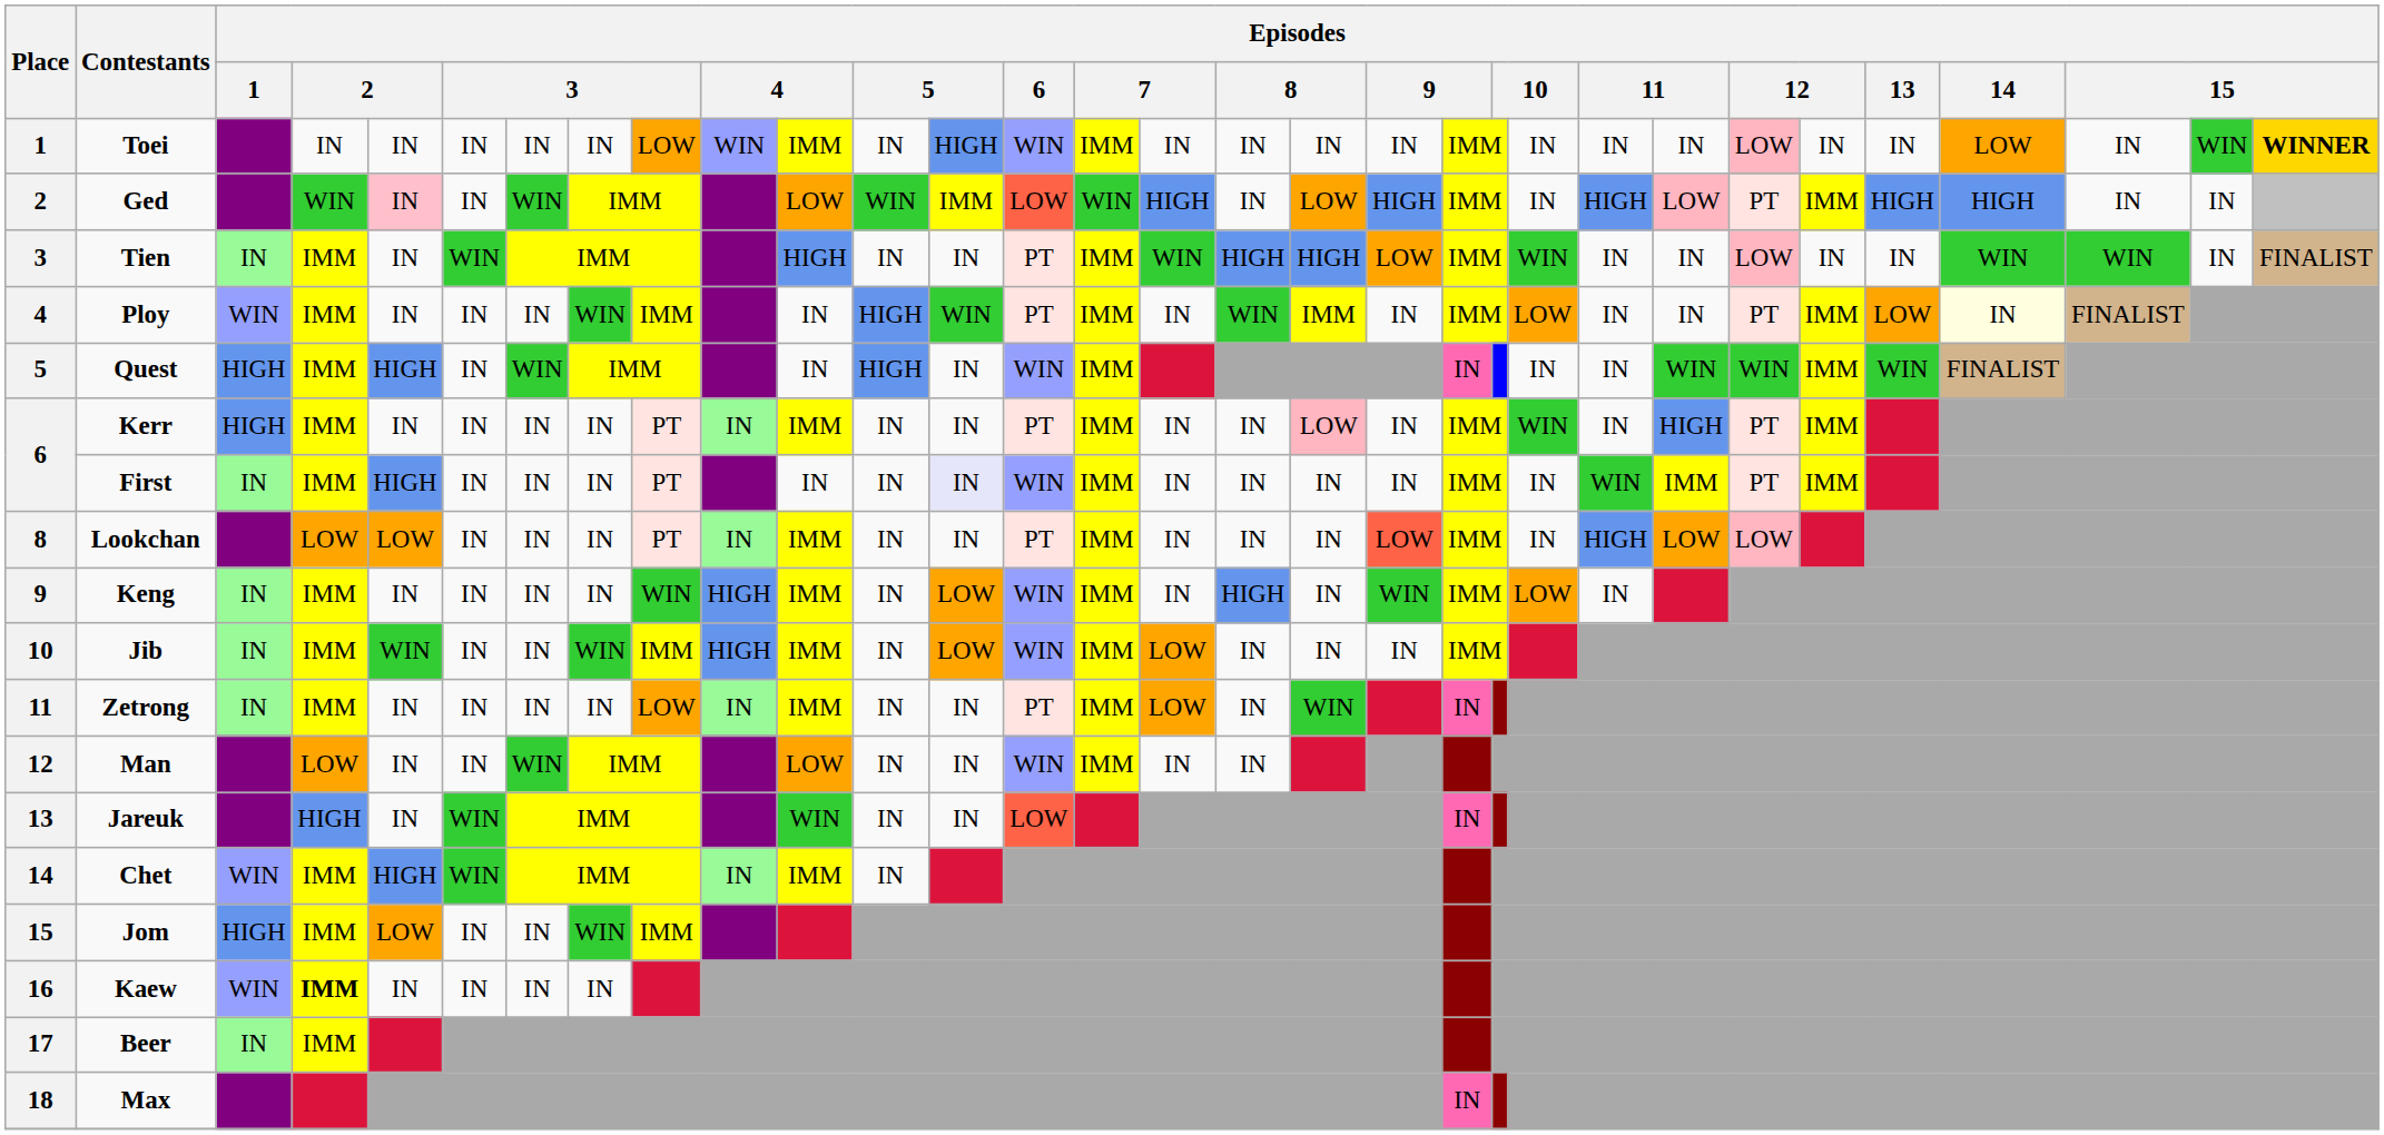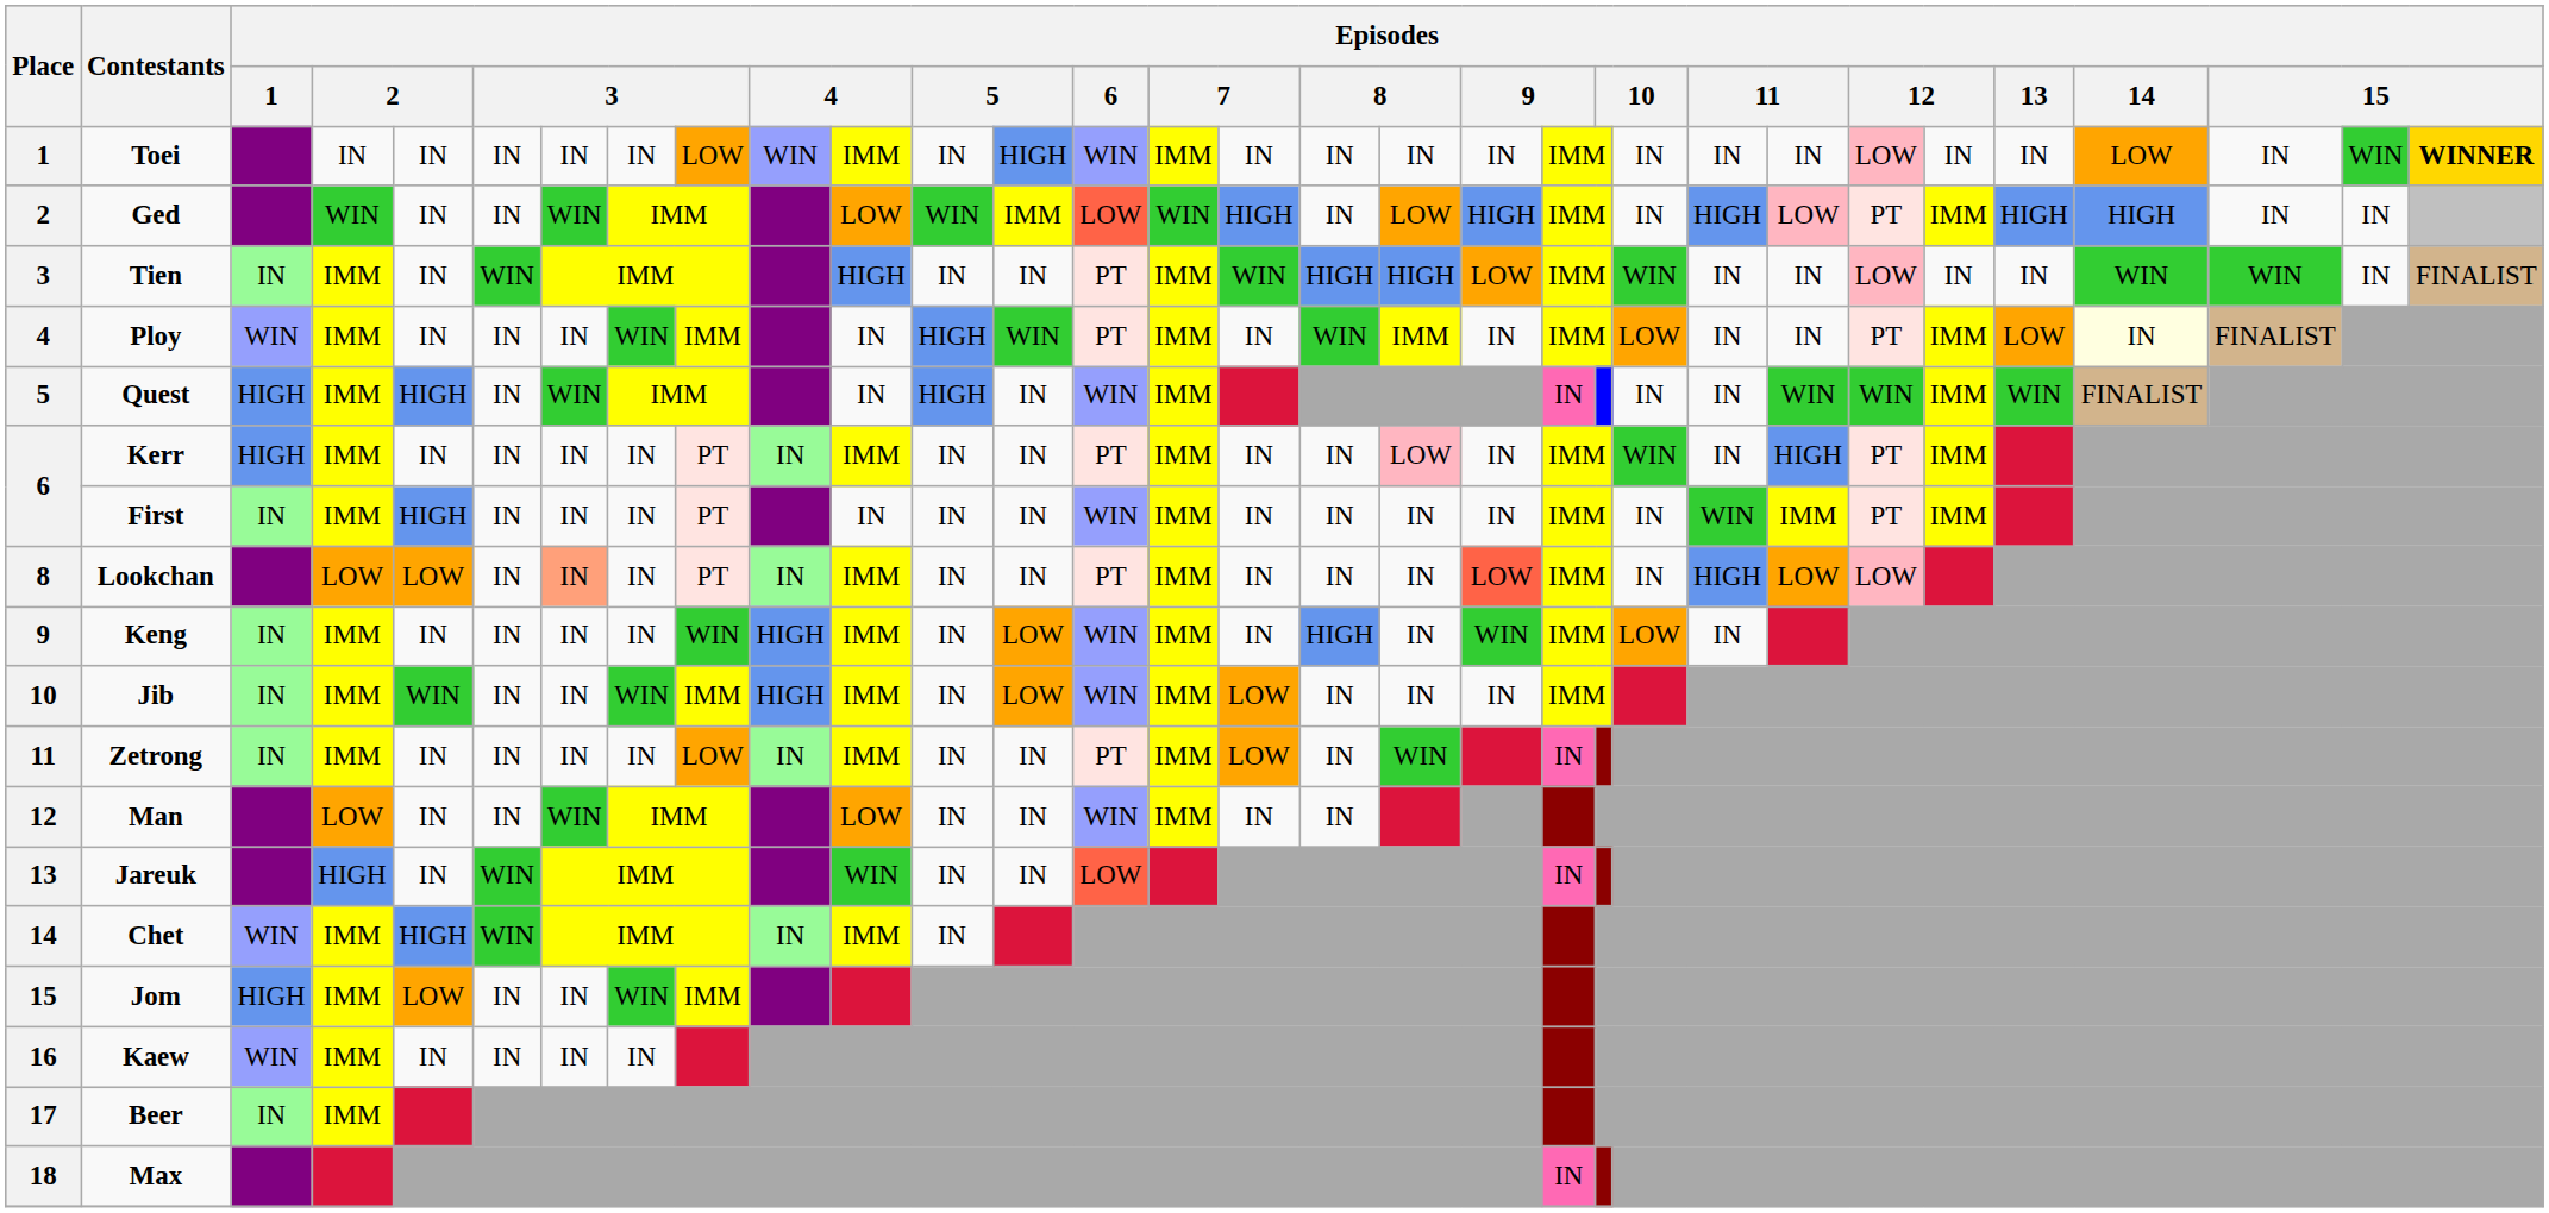 <table class="wikitable" style="text-align: center; font-size:90%; line-height:25px;">
 <tr style=font-weight:bold;>
 <th rowspan=2><strong>Place</strong></th>
 <th rowspan=2><strong>Contestants</strong></th>
 <th colspan="39"><strong>Episodes</strong></th>
 </tr>
 <tr style=font-weight:bold;>
 <th colspan="1">1</th>
 <th colspan="2">2</th>
 <th colspan="4">3</th>
 <th colspan="2">4</th>
 <th colspan="2">5</th>
 <th colspan="1">6</th>
 <th colspan="2">7</th>
 <th colspan="2">8</th>
 <th colspan="2">9</th>
 <th colspan="2">10</th>
 <th colspan="2">11</th>
 <th colspan="2">12</th>
 <th colspan="1">13</th>
 <th colspan="1">14</th>
 <th colspan="3">15</th>
 </tr>
 <tr>
 <th>1</th>
 <td><strong>Toei</strong></td>
 <td style="background:purple;"></td>
 <td>IN</td>
 <td>IN</td>
 <td>IN</td>
 <td>IN</td>
 <td>IN</td>
 <td style="background:orange;">LOW</td>
 <td style="background:#959FFD;">WIN</td>
 <td style="background:yellow;">IMM</td>
 <td>IN</td>
 <td style="background:cornflowerblue;">HIGH</td>
 <td style="background:#959FFD;">WIN</td>
 <td style="background:yellow;">IMM</td>
 <td>IN</td>
 <td>IN</td>
 <td>IN</td>
 <td>IN</td>
 <td colspan="2" style="background:yellow;">IMM</td>
 <td>IN</td>
 <td>IN</td>
 <td>IN</td>
 <td style="background:lightpink;">LOW</td>
 <td>IN</td>
 <td>IN</td>
 <td style="background:orange;">LOW</td>
 <td>IN</td>
 <td style="background:limegreen">WIN</td>
 <td style="background:gold;"><strong>WINNER</strong></td>
 </tr>
 <tr>
 <th>2</th>
 <td><strong>Ged</strong></td>
 <td style="background:purple;"></td>
 <td style="background:limegreen">WIN</td>
-<td style="background: pink;">IN</td>
+<td>IN</td>
 <td>IN</td>
 <td style="background:limegreen">WIN</td>
 <td colspan="2" style="background:yellow;">IMM</td>
 <td style="background:purple;"></td>
 <td style="background:orange;">LOW</td>
 <td style="background:limegreen">WIN</td>
 <td style="background:yellow;">IMM</td>
 <td style="background:tomato;">LOW</td>
 <td style="background:limegreen">WIN</td>
 <td style="background:cornflowerblue;">HIGH</td>
 <td>IN</td>
 <td style="background:orange;">LOW</td>
 <td style="background:cornflowerblue;">HIGH</td>
 <td colspan="2" style="background:yellow;">IMM</td>
 <td>IN</td>
 <td style="background:cornflowerblue;">HIGH</td>
 <td style="background:lightpink;">LOW</td>
 <td style="background:mistyrose;">PT</td>
 <td style="background:yellow;">IMM</td>
 <td style="background:cornflowerblue;">HIGH</td>
 <td style="background:cornflowerblue;">HIGH</td>
 <td>IN</td>
 <td>IN</td>
 <td style="background:silver;"></td>
 </tr>
 <tr>
 <th>3</th>
 <td><strong>Tien</strong></td>
 <td style="background:palegreen;">IN</td>
 <td style="background:yellow;">IMM</td>
 <td>IN</td>
 <td style="background:limegreen">WIN</td>
 <td colspan="3" style="background:yellow;">IMM</td>
 <td style="background:purple;"></td>
 <td style="background:cornflowerblue;">HIGH</td>
 <td>IN</td>
 <td>IN</td>
 <td style="background:mistyrose;">PT</td>
 <td style="background:yellow;">IMM</td>
 <td style="background:limegreen">WIN</td>
 <td style="background:cornflowerblue;">HIGH</td>
 <td style="background:cornflowerblue;">HIGH</td>
 <td style="background:orange;">LOW</td>
 <td colspan="2" style="background:yellow;">IMM</td>
 <td style="background:limegreen">WIN</td>
 <td>IN</td>
 <td>IN</td>
 <td style="background:lightpink;">LOW</td>
 <td>IN</td>
 <td>IN</td>
 <td style="background:limegreen">WIN</td>
 <td style="background:limegreen">WIN</td>
 <td>IN</td>
 <td style="background:tan;">FINALIST</td>
 </tr>
 <tr>
 <th>4</th>
 <td><strong>Ploy</strong></td>
 <td style="background:#959FFD;">WIN</td>
 <td style="background:yellow;">IMM</td>
 <td>IN</td>
 <td>IN</td>
 <td>IN</td>
 <td style="background:limegreen">WIN</td>
 <td style="background:yellow;">IMM</td>
 <td style="background:purple;"></td>
 <td>IN</td>
 <td style="background:cornflowerblue;">HIGH</td>
 <td style="background:limegreen">WIN</td>
 <td style="background:mistyrose;">PT</td>
 <td style="background:yellow;">IMM</td>
 <td>IN</td>
 <td style="background:limegreen">WIN</td>
 <td style="background:yellow;">IMM</td>
 <td>IN</td>
 <td colspan="2" style="background:yellow;">IMM</td>
 <td style="background:orange;">LOW</td>
 <td>IN</td>
 <td>IN</td>
 <td style="background:mistyrose;">PT</td>
 <td style="background:yellow;">IMM</td>
 <td style="background:orange;">LOW</td>
 <td style="background: lightyellow;">IN</td>
 <td style="background:tan;">FINALIST</td>
 <td colspan="2" style="background:darkgrey;"></td>
 </tr>
 <tr>
 <th>5</th>
 <td><strong>Quest</strong></td>
 <td style="background:cornflowerblue;">HIGH</td>
 <td style="background:yellow;">IMM</td>
 <td style="background:cornflowerblue;">HIGH</td>
 <td>IN</td>
 <td style="background:limegreen">WIN</td>
 <td colspan="2" style="background:yellow;">IMM</td>
 <td style="background:purple;"></td>
 <td>IN</td>
 <td style="background:cornflowerblue;">HIGH</td>
 <td>IN</td>
 <td style="background:#959FFD;">WIN</td>
 <td style="background:yellow;">IMM</td>
 <td style="background:crimson;"></td>
 <td colspan="3" style="background:darkgrey;"></td>
 <td style="background:hotpink;">IN</td>
 <td style="background:blue"></td>
 <td>IN</td>
 <td>IN</td>
 <td style="background:limegreen">WIN</td>
 <td style="background:limegreen">WIN</td>
 <td style="background:yellow;">IMM</td>
 <td style="background:limegreen">WIN</td>
 <td style="background:tan;">FINALIST</td>
 <td colspan="3" style="background:darkgrey;"></td>
 </tr>
 <tr>
 <th rowspan="2">6</th>
 <td><strong>Kerr</strong></td>
 <td style="background:cornflowerblue;">HIGH</td>
 <td style="background:yellow;">IMM</td>
 <td>IN</td>
 <td>IN</td>
 <td>IN</td>
 <td>IN</td>
 <td style="background:mistyrose;">PT</td>
 <td style="background:palegreen;">IN</td>
 <td style="background:yellow;">IMM</td>
 <td>IN</td>
 <td>IN</td>
 <td style="background:mistyrose;">PT</td>
 <td style="background:yellow;">IMM</td>
 <td>IN</td>
 <td>IN</td>
 <td style="background:lightpink;">LOW</td>
 <td>IN</td>
 <td colspan="2" style="background:yellow;">IMM</td>
 <td style="background:limegreen">WIN</td>
 <td>IN</td>
 <td style="background:cornflowerblue;">HIGH</td>
 <td style="background:mistyrose;">PT</td>
 <td style="background:yellow;">IMM</td>
 <td style="background:crimson;"></td>
 <td colspan="4" style="background:darkgrey;"></td>
 </tr>
 <tr>
 <td><strong>First</strong></td>
 <td style="background:palegreen;">IN</td>
 <td style="background:yellow;">IMM</td>
 <td style="background:cornflowerblue;">HIGH</td>
 <td>IN</td>
 <td>IN</td>
 <td>IN</td>
 <td style="background:mistyrose;">PT</td>
 <td style="background:purple;"></td>
 <td>IN</td>
 <td>IN</td>
-<td style="background: lavender;">IN</td>
+<td>IN</td>
 <td style="background:#959FFD;">WIN</td>
 <td style="background:yellow;">IMM</td>
 <td>IN</td>
 <td>IN</td>
 <td>IN</td>
 <td>IN</td>
 <td colspan="2" style="background:yellow;">IMM</td>
 <td>IN</td>
 <td style="background:limegreen">WIN</td>
 <td style="background:yellow;">IMM</td>
 <td style="background:mistyrose;">PT</td>
 <td style="background:yellow;">IMM</td>
 <td style="background:crimson;"></td>
 <td colspan="4" style="background:darkgrey;"></td>
 </tr>
 <tr>
 <th>8</th>
 <td><strong>Lookchan</strong></td>
 <td style="background:purple;"></td>
 <td style="background:orange;">LOW</td>
 <td style="background:orange;">LOW</td>
 <td>IN</td>
-<td>IN</td>
+<td style="background: lightsalmon;">IN</td>
 <td>IN</td>
 <td style="background:mistyrose;">PT</td>
 <td style="background:palegreen;">IN</td>
 <td style="background:yellow;">IMM</td>
 <td>IN</td>
 <td>IN</td>
 <td style="background:mistyrose;">PT</td>
 <td style="background:yellow;">IMM</td>
 <td>IN</td>
 <td>IN</td>
 <td>IN</td>
 <td style="background:tomato;">LOW</td>
 <td colspan="2" style="background:yellow;">IMM</td>
 <td>IN</td>
 <td style="background:cornflowerblue;">HIGH</td>
 <td style="background:orange;">LOW</td>
 <td style="background:lightpink;">LOW</td>
 <td style="background:crimson;"></td>
 <td colspan="5" style="background:darkgrey;"></td>
 </tr>
 <tr>
 <th>9</th>
 <td><strong>Keng</strong></td>
 <td style="background:palegreen;">IN</td>
 <td style="background:yellow;">IMM</td>
 <td>IN</td>
 <td>IN</td>
 <td>IN</td>
 <td>IN</td>
 <td style="background:limegreen">WIN</td>
 <td style="background:cornflowerblue;">HIGH</td>
 <td style="background:yellow;">IMM</td>
 <td>IN</td>
 <td style="background:orange;">LOW</td>
 <td style="background:#959FFD;">WIN</td>
 <td style="background:yellow;">IMM</td>
 <td>IN</td>
 <td style="background:cornflowerblue;">HIGH</td>
 <td>IN</td>
 <td style="background:limegreen">WIN</td>
 <td colspan="2" style="background:yellow;">IMM</td>
 <td style="background:orange;">LOW</td>
 <td>IN</td>
 <td style="background:crimson;"></td>
 <td colspan="7" style="background:darkgrey;"></td>
 </tr>
 <tr>
 <th>10</th>
 <td><strong>Jib</strong></td>
 <td style="background:palegreen;">IN</td>
 <td style="background:yellow;">IMM</td>
 <td style="background:limegreen">WIN</td>
 <td>IN</td>
 <td>IN</td>
 <td style="background:limegreen">WIN</td>
 <td style="background:yellow;">IMM</td>
 <td style="background:cornflowerblue;">HIGH</td>
 <td style="background:yellow;">IMM</td>
 <td>IN</td>
 <td style="background:orange;">LOW</td>
 <td style="background:#959FFD;">WIN</td>
 <td style="background:yellow;">IMM</td>
 <td style="background:orange;">LOW</td>
 <td>IN</td>
 <td>IN</td>
 <td>IN</td>
 <td colspan="2" style="background:yellow;">IMM</td>
 <td style="background:crimson;"></td>
 <td colspan="9" style="background:darkgrey;"></td>
 </tr>
 <tr>
 <th>11</th>
 <td><strong>Zetrong</strong></td>
 <td style="background:palegreen;">IN</td>
 <td style="background:yellow;">IMM</td>
 <td>IN</td>
 <td>IN</td>
 <td>IN</td>
 <td>IN</td>
 <td style="background:orange;">LOW</td>
 <td style="background:palegreen;">IN</td>
 <td style="background:yellow;">IMM</td>
 <td>IN</td>
 <td>IN</td>
 <td style="background:mistyrose;">PT</td>
 <td style="background:yellow;">IMM</td>
 <td style="background:orange;">LOW</td>
 <td>IN</td>
 <td style="background:limegreen">WIN</td>
 <td style="background:crimson;"></td>
 <td style="background:hotpink;">IN</td>
 <td style="background:darkred;"></td>
 <td colspan="10" style="background:darkgrey;"></td>
 </tr>
 <tr>
 <th>12</th>
 <td><strong>Man</strong></td>
 <td style="background:purple;"></td>
 <td style="background:orange;">LOW</td>
 <td>IN</td>
 <td>IN</td>
 <td style="background:limegreen">WIN</td>
 <td colspan="2" style="background:yellow;">IMM</td>
 <td style="background:purple;"></td>
 <td style="background:orange;">LOW</td>
 <td>IN</td>
 <td>IN</td>
 <td style="background:#959FFD;">WIN</td>
 <td style="background:yellow;">IMM</td>
 <td>IN</td>
 <td>IN</td>
 <td style="background:crimson;"></td>
 <td style="background:darkgrey;"></td>
 <td style="background:darkred;"></td>
 <td colspan="11" style="background:darkgrey;"></td>
 </tr>
 <tr>
 <th>13</th>
 <td><strong>Jareuk</strong></td>
 <td style="background:purple;"></td>
 <td style="background:cornflowerblue;">HIGH</td>
 <td>IN</td>
 <td style="background:limegreen">WIN</td>
 <td colspan="3" style="background:yellow;">IMM</td>
 <td style="background:purple;"></td>
 <td style="background:limegreen">WIN</td>
 <td>IN</td>
 <td>IN</td>
 <td style="background:tomato;">LOW</td>
 <td style="background:crimson;"></td>
 <td colspan="4" style="background:darkgrey;"></td>
 <td style="background:hotpink;">IN</td>
 <td style="background:darkred;"></td>
 <td colspan="10" style="background:darkgrey;"></td>
 </tr>
 <tr>
 <th>14</th>
 <td><strong>Chet</strong></td>
 <td style="background:#959FFD;">WIN</td>
 <td style="background:yellow;">IMM</td>
 <td style="background:cornflowerblue;">HIGH</td>
 <td style="background:limegreen">WIN</td>
 <td colspan="3" style="background:yellow;">IMM</td>
 <td style="background:palegreen;">IN</td>
 <td style="background:yellow;">IMM</td>
 <td>IN</td>
 <td style="background:crimson;"></td>
 <td colspan="6" style="background:darkgrey;"></td>
 <td style="background:darkred;"></td>
 <td colspan="11" style="background:darkgrey;"></td>
 </tr>
 <tr>
 <th>15</th>
 <td><strong>Jom</strong></td>
 <td style="background:cornflowerblue;">HIGH</td>
 <td style="background:yellow;">IMM</td>
 <td style="background:orange;">LOW</td>
 <td>IN</td>
 <td>IN</td>
 <td style="background:limegreen">WIN</td>
 <td style="background:yellow;">IMM</td>
 <td style="background:purple;"></td>
 <td style="background:crimson;"></td>
 <td colspan="8" style="background:darkgrey;"></td>
 <td style="background:darkred;"></td>
 <td colspan="11" style="background:darkgrey;"></td>
 </tr>
 <tr>
 <th>16</th>
 <td><strong>Kaew</strong></td>
 <td style="background:#959FFD;">WIN</td>
-<td style="background:yellow;"><strong>IMM</strong></td>
+<td style="background:yellow;">IMM</td>
 <td>IN</td>
 <td>IN</td>
 <td>IN</td>
 <td>IN</td>
 <td style="background:crimson;"></td>
 <td colspan="10" style="background:darkgrey;"></td>
 <td style="background:darkred;"></td>
 <td colspan="11" style="background:darkgrey;"></td>
 </tr>
 <tr>
 <th>17</th>
 <td><strong>Beer</strong></td>
 <td style="background:palegreen;">IN</td>
 <td style="background:yellow;">IMM</td>
 <td style="background:crimson;"></td>
 <td colspan="14" style="background:darkgrey;"></td>
 <td style="background:darkred;"></td>
 <td colspan="12" style="background:darkgrey;"></td>
 </tr>
 <tr>
 <th>18</th>
 <td><strong>Max</strong></td>
 <td style="background:purple;"></td>
 <td style="background:crimson;"></td>
 <td colspan="15" style="background:darkgrey;"></td>
 <td style="background:hotpink;">IN</td>
 <td style="background:darkred;"></td>
 <td colspan="13" style="background:darkgrey;"></td>
 </tr>
 <tr>
 </tr>
 </table>
